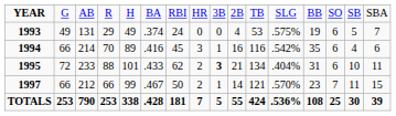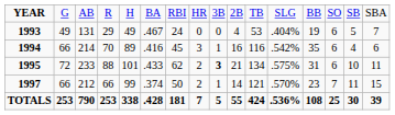 <table class="wikitable">
 <tr align=center>
 <td><strong>YEAR</strong></td>
 <td><a href='#'>G</a></td>
 <td><a href='#'>AB</a></td>
 <td><a href='#'>R</a></td>
 <td><a href='#'>H</a></td>
 <td><a href='#'>BA</a></td>
 <td><a href='#'>RBI</a></td>
 <td><a href='#'>HR</a></td>
 <td><a href='#'>3B</a></td>
 <td><a href='#'>2B</a></td>
 <td><a href='#'>TB</a></td>
 <td><a href='#'>SLG</a></td>
 <td><a href='#'>BB</a></td>
 <td><a href='#'>SO</a></td>
 <td><a href='#'>SB</a></td>
 <td>SBA</td>
 </tr>
 <tr align=center>
 <td><strong>1993</strong></td>
 <td>49</td>
 <td>131</td>
 <td>29</td>
 <td>49</td>
-<td>.374</td>
+<td>.467</td>
 <td>24</td>
 <td>0</td>
 <td>0</td>
 <td>4</td>
 <td>53</td>
-<td>.575%</td>
+<td>.404%</td>
 <td>19</td>
 <td>6</td>
 <td>5</td>
 <td>7</td>
 </tr>
 <tr align=center>
 <td><strong>1994</strong></td>
 <td>66</td>
 <td>214</td>
 <td>70</td>
 <td>89</td>
 <td>.416</td>
 <td>45</td>
 <td>3</td>
 <td>1</td>
 <td>16</td>
 <td>116</td>
 <td>.542%</td>
 <td>35</td>
 <td>6</td>
 <td>4</td>
 <td>6</td>
 </tr>
 <tr align=center>
 <td><strong>1995</strong></td>
 <td>72</td>
 <td>233</td>
 <td>88</td>
 <td>101</td>
 <td>.433</td>
 <td>62</td>
 <td>2</td>
 <td><strong>3</strong></td>
 <td>21</td>
 <td>134</td>
-<td>.404%</td>
+<td>.575%</td>
 <td>31</td>
 <td>6</td>
 <td>10</td>
 <td>11</td>
 </tr>
 <tr align=center>
 <td><strong>1997</strong></td>
 <td>66</td>
 <td>212</td>
 <td>66</td>
 <td>99</td>
-<td>.467</td>
+<td>.374</td>
 <td>50</td>
 <td>2</td>
 <td>1</td>
 <td>14</td>
 <td>121</td>
 <td>.570%</td>
 <td>23</td>
 <td>7</td>
 <td>11</td>
 <td>15</td>
 </tr>
 <tr align=center>
 <td><strong>TOTALS</strong></td>
 <td><strong>253</strong></td>
 <td><strong>790</strong></td>
 <td><strong>253</strong></td>
 <td><strong>338</strong></td>
 <td><strong>.428</strong></td>
 <td><strong>181</strong></td>
 <td><strong>7</strong></td>
 <td><strong>5</strong></td>
 <td><strong>55</strong></td>
 <td><strong>424</strong></td>
 <td><strong>.536%</strong></td>
 <td><strong>108</strong></td>
 <td><strong>25</strong></td>
 <td><strong>30</strong></td>
 <td><strong>39</strong></td>
 </tr>
 </table>
